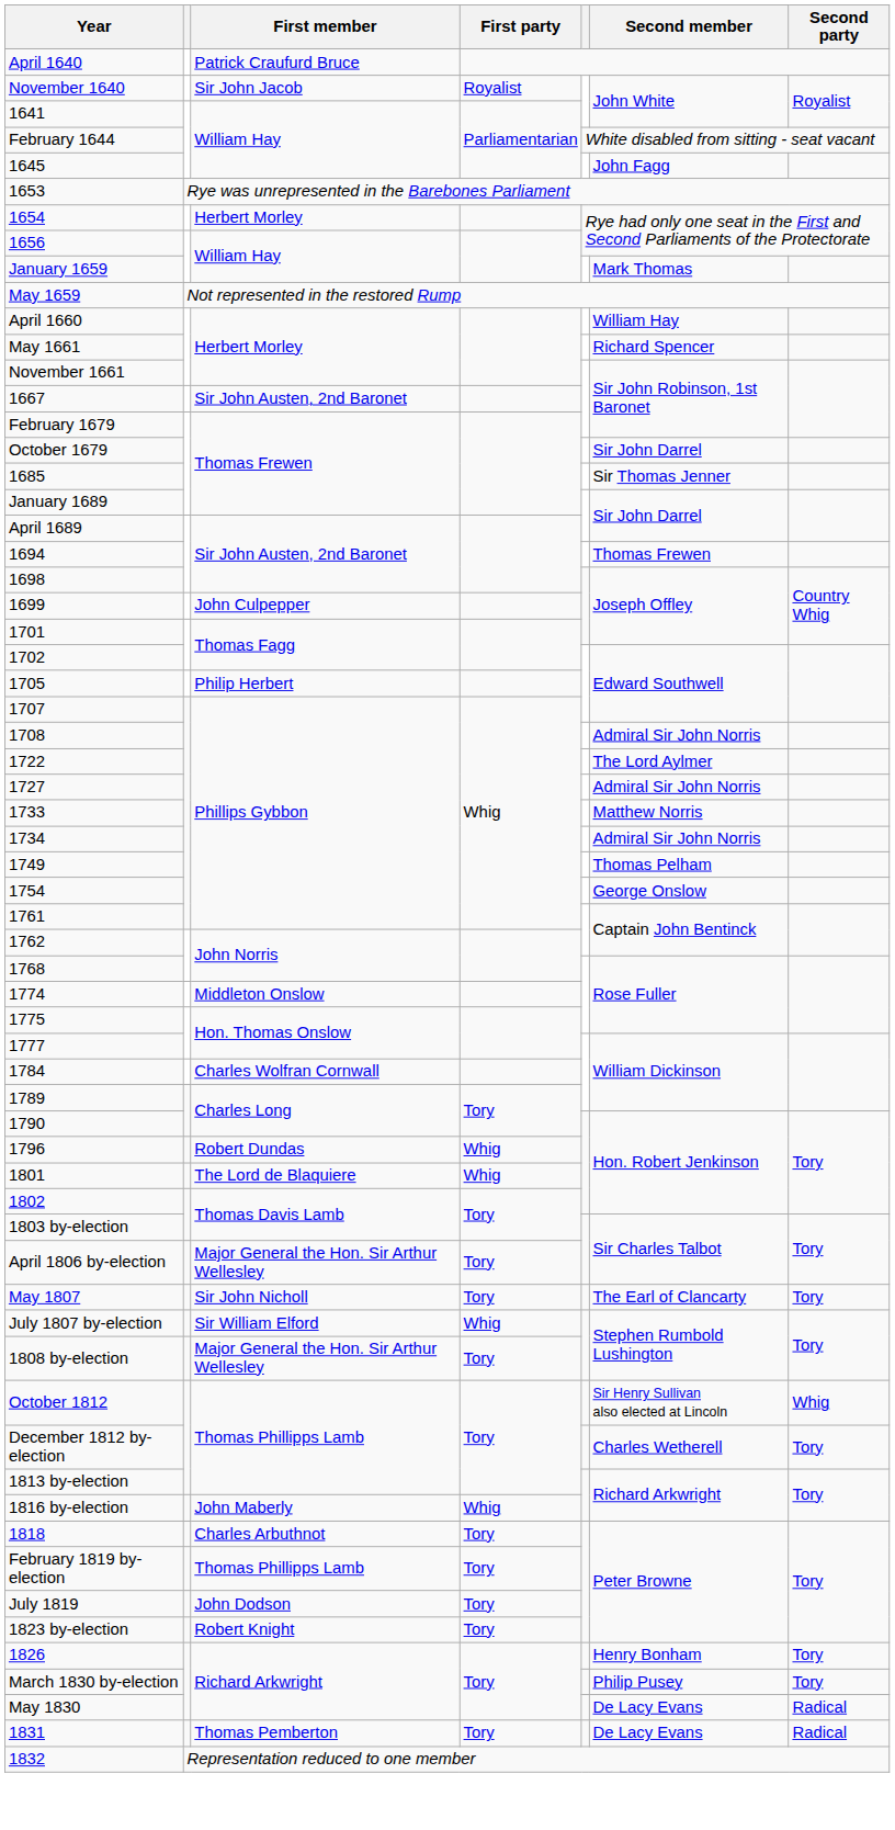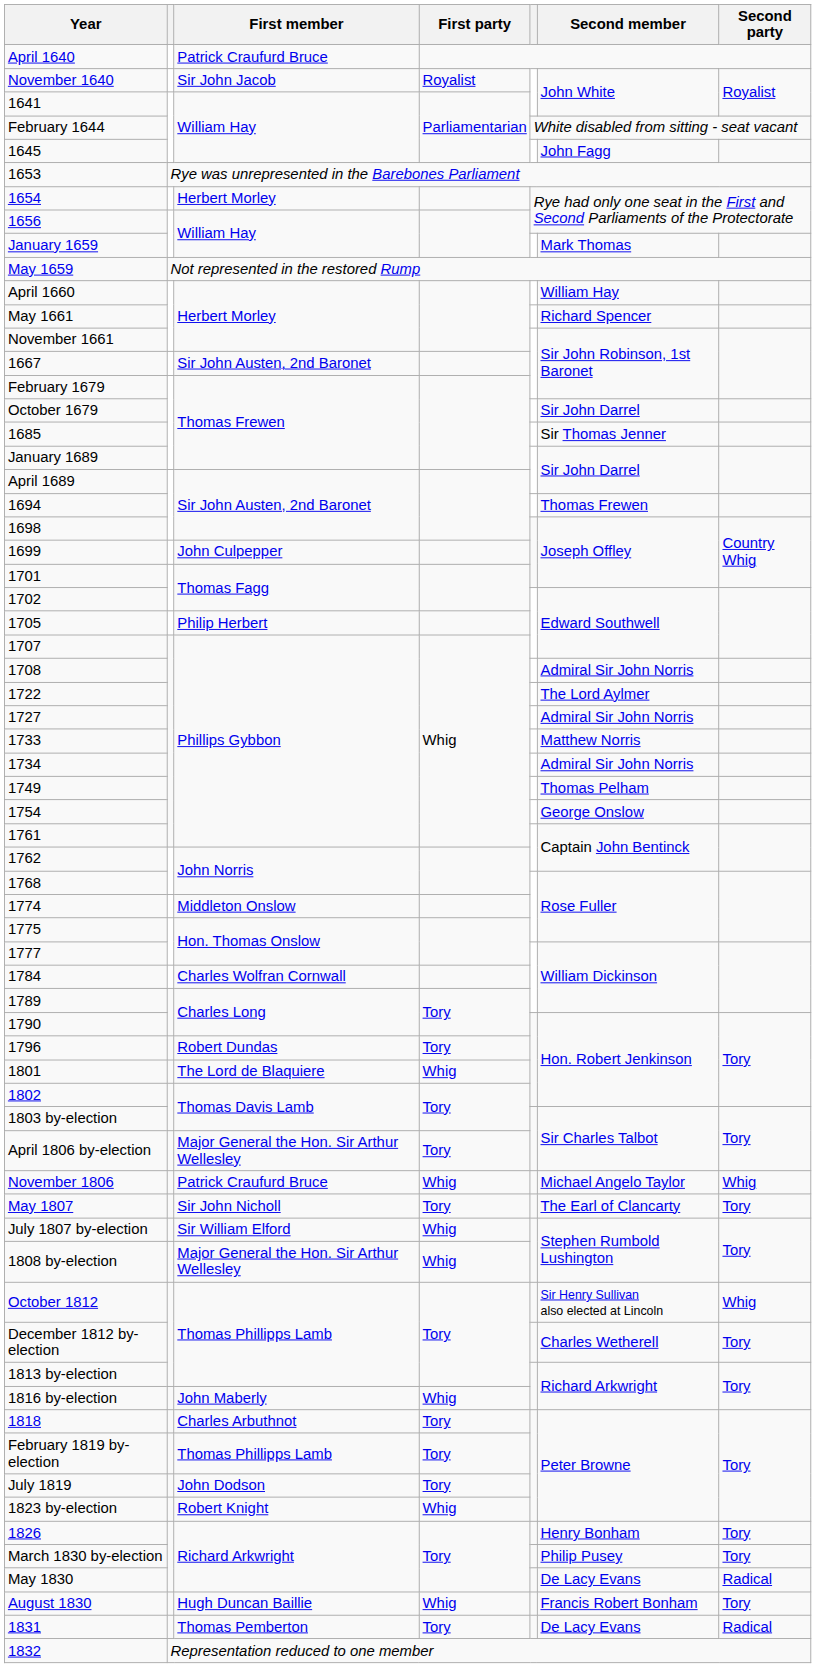 <table class="wikitable">
 <tr>
 <th>Year</th>
 <th></th>
 <th>First member</th>
 <th>First party</th>
 <th></th>
 <th>Second member</th>
 <th>Second party</th>
 </tr>
 <tr>
 <td><a href='#'>April 1640</a></td>
 <td style="color:inherit;background-color: white"></td>
 <td><a href='#'>Patrick Craufurd Bruce</a></td>
 </tr>
 <tr>
 <td><a href='#'>November 1640</a></td>
 <td style="color:inherit;background-color: white"></td>
 <td><a href='#'>Sir John Jacob</a></td>
 <td><a href='#'>Royalist</a></td>
 <td rowspan="2" style="color:inherit;background-color: white"></td>
 <td rowspan="2"><a href='#'>John White</a></td>
 <td rowspan="2"><a href='#'>Royalist</a></td>
 </tr>
 <tr>
 <td>1641</td>
 <td rowspan="3" style="color:inherit;background-color: white"></td>
 <td rowspan="3"><a href='#'>William Hay</a></td>
 <td rowspan="3"><a href='#'>Parliamentarian</a></td>
 </tr>
 <tr>
 <td>February 1644</td>
 <td colspan="3"><em>White disabled from sitting - seat vacant</em></td>
 </tr>
 <tr>
 <td>1645</td>
 <td style="color:inherit;background-color: white"></td>
 <td><a href='#'>John Fagg</a></td>
 <td></td>
 </tr>
 <tr>
 <td>1653</td>
 <td colspan="6"><em>Rye was unrepresented in the <a href='#'>Barebones Parliament</a></em></td>
 </tr>
 <tr>
 <td><a href='#'>1654</a></td>
 <td style="color:inherit;background-color: white"></td>
 <td><a href='#'>Herbert Morley</a></td>
 <td></td>
 <td rowspan="2" colspan="3"><em>Rye had only one seat in the <a href='#'>First</a>  and <br> <a href='#'>Second</a> Parliaments of the Protectorate</em></td>
 </tr>
 <tr>
 <td><a href='#'>1656</a></td>
 <td rowspan="2" style="color:inherit;background-color: white"></td>
 <td rowspan="2"><a href='#'>William Hay</a></td>
 <td rowspan="2"></td>
 </tr>
 <tr>
 <td><a href='#'>January 1659</a></td>
 <td style="color:inherit;background-color: white"></td>
 <td><a href='#'>Mark Thomas</a></td>
 <td></td>
 </tr>
 <tr>
 <td><a href='#'>May 1659</a></td>
 <td colspan="6"><em>Not represented in the restored <a href='#'>Rump</a></em></td>
 </tr>
 <tr>
 <td>April 1660</td>
 <td rowspan="3" style="color:inherit;background-color: white"></td>
 <td rowspan="3"><a href='#'>Herbert Morley</a></td>
 <td rowspan="3"></td>
 <td style="color:inherit;background-color: white"></td>
 <td><a href='#'>William Hay</a></td>
 <td></td>
 </tr>
 <tr>
 <td>May 1661</td>
 <td style="color:inherit;background-color: white"></td>
 <td><a href='#'>Richard Spencer</a></td>
 <td></td>
 </tr>
 <tr>
 <td>November 1661</td>
 <td rowspan="3" style="color:inherit;background-color: white"></td>
 <td rowspan="3"><a href='#'>Sir John Robinson, 1st Baronet</a></td>
 <td rowspan="3"></td>
 </tr>
 <tr>
 <td>1667</td>
 <td style="color:inherit;background-color: white"></td>
 <td><a href='#'>Sir John Austen, 2nd Baronet</a></td>
 <td></td>
 </tr>
 <tr>
 <td>February 1679</td>
 <td rowspan="4" style="color:inherit;background-color: white"></td>
 <td rowspan="4"><a href='#'>Thomas Frewen</a></td>
 <td rowspan="4"></td>
 </tr>
 <tr>
 <td>October 1679</td>
 <td style="color:inherit;background-color: white"></td>
 <td><a href='#'>Sir John Darrel</a></td>
 <td></td>
 </tr>
 <tr>
 <td>1685</td>
 <td style="color:inherit;background-color: white"></td>
 <td>Sir <a href='#'>Thomas Jenner</a></td>
 <td></td>
 </tr>
 <tr>
 <td>January 1689</td>
 <td rowspan="2" style="color:inherit;background-color: white"></td>
 <td rowspan="2"><a href='#'>Sir John Darrel</a></td>
 <td rowspan="2"></td>
 </tr>
 <tr>
 <td>April 1689</td>
 <td rowspan="3" style="color:inherit;background-color: white"></td>
 <td rowspan="3"><a href='#'>Sir John Austen, 2nd Baronet</a></td>
 <td rowspan="3"></td>
 </tr>
 <tr>
 <td>1694</td>
 <td style="color:inherit;background-color: white"></td>
 <td><a href='#'>Thomas Frewen</a></td>
 <td></td>
 </tr>
 <tr>
 <td>1698</td>
 <td rowspan="3" style="color:inherit;background-color: "></td>
 <td rowspan="3"><a href='#'>Joseph Offley</a></td>
 <td rowspan="3"><a href='#'>Country Whig</a></td>
 </tr>
 <tr>
 <td>1699</td>
 <td style="color:inherit;background-color: white"></td>
 <td><a href='#'>John Culpepper</a></td>
 <td></td>
 </tr>
 <tr>
 <td>1701</td>
 <td rowspan="2" style="color:inherit;background-color: white"></td>
 <td rowspan="2"><a href='#'>Thomas Fagg</a></td>
 <td rowspan="2"></td>
 </tr>
 <tr>
 <td>1702</td>
 <td rowspan="3" style="color:inherit;background-color: white"></td>
 <td rowspan="3"><a href='#'>Edward Southwell</a></td>
 <td rowspan="3"></td>
 </tr>
 <tr>
 <td>1705</td>
 <td style="color:inherit;background-color: white"></td>
 <td><a href='#'>Philip Herbert</a></td>
 <td></td>
 </tr>
 <tr>
 <td>1707</td>
 <td rowspan="9" style="color:inherit;background-color: "></td>
 <td rowspan="9"><a href='#'>Phillips Gybbon</a></td>
 <td rowspan="9">Whig</td>
 </tr>
 <tr>
 <td>1708</td>
 <td style="color:inherit;background-color: white"></td>
 <td><a href='#'>Admiral Sir John Norris</a></td>
 <td></td>
 </tr>
 <tr>
 <td>1722</td>
 <td style="color:inherit;background-color: white"></td>
 <td><a href='#'>The Lord Aylmer</a></td>
 <td></td>
 </tr>
 <tr>
 <td>1727</td>
 <td style="color:inherit;background-color: white"></td>
 <td><a href='#'>Admiral Sir John Norris</a></td>
 <td></td>
 </tr>
 <tr>
 <td>1733</td>
 <td style="color:inherit;background-color: white"></td>
 <td><a href='#'>Matthew Norris</a></td>
 <td></td>
 </tr>
 <tr>
 <td>1734</td>
 <td style="color:inherit;background-color: white"></td>
 <td><a href='#'>Admiral Sir John Norris</a></td>
 <td></td>
 </tr>
 <tr>
 <td>1749</td>
 <td style="color:inherit;background-color: white"></td>
 <td><a href='#'>Thomas Pelham</a></td>
 <td></td>
 </tr>
 <tr>
 <td>1754</td>
 <td style="color:inherit;background-color: white"></td>
 <td><a href='#'>George Onslow</a></td>
 <td></td>
 </tr>
 <tr>
 <td>1761</td>
 <td rowspan="2" style="color:inherit;background-color: white"></td>
 <td rowspan="2">Captain <a href='#'>John Bentinck</a></td>
 <td rowspan="2"></td>
 </tr>
 <tr>
 <td>1762</td>
 <td rowspan="2" style="color:inherit;background-color: white"></td>
 <td rowspan="2"><a href='#'>John Norris</a></td>
 <td rowspan="2"></td>
 </tr>
 <tr>
 <td>1768</td>
 <td rowspan="3" style="color:inherit;background-color: white"></td>
 <td rowspan="3"><a href='#'>Rose Fuller</a></td>
 <td rowspan="3"></td>
 </tr>
 <tr>
 <td>1774</td>
 <td style="color:inherit;background-color: white"></td>
 <td><a href='#'>Middleton Onslow</a></td>
 <td></td>
 </tr>
 <tr>
 <td>1775</td>
 <td rowspan="2" style="color:inherit;background-color: white"></td>
 <td rowspan="2"><a href='#'>Hon. Thomas Onslow</a></td>
 <td rowspan="2"></td>
 </tr>
 <tr>
 <td>1777</td>
 <td rowspan="3" style="color:inherit;background-color: white"></td>
 <td rowspan="3"><a href='#'>William Dickinson</a></td>
 <td rowspan="3"></td>
 </tr>
 <tr>
 <td>1784</td>
 <td style="color:inherit;background-color: white"></td>
 <td><a href='#'>Charles Wolfran Cornwall</a></td>
 <td></td>
 </tr>
 <tr>
 <td>1789</td>
 <td rowspan="2" style="color:inherit;background-color: "></td>
 <td rowspan="2"><a href='#'>Charles Long</a></td>
 <td rowspan="2"><a href='#'>Tory</a></td>
 </tr>
 <tr>
 <td>1790</td>
 <td rowspan="4" style="color:inherit;background-color: "></td>
 <td rowspan="4"><a href='#'>Hon. Robert Jenkinson</a></td>
 <td rowspan="4"><a href='#'>Tory</a></td>
 </tr>
 <tr>
 <td>1796</td>
 <td style="color:inherit;background-color: "></td>
 <td><a href='#'>Robert Dundas</a></td>
-<td><a href='#'>Whig</a></td>
+<td><a href='#'>Tory</a></td>
 </tr>
 <tr>
 <td>1801</td>
 <td style="color:inherit;background-color: "></td>
 <td><a href='#'>The Lord de Blaquiere</a></td>
 <td><a href='#'>Whig</a></td>
 </tr>
 <tr>
 <td><a href='#'>1802</a></td>
 <td rowspan="2" style="color:inherit;background-color: "></td>
 <td rowspan="2"><a href='#'>Thomas Davis Lamb</a></td>
 <td rowspan="2"><a href='#'>Tory</a></td>
 </tr>
 <tr>
 <td>1803 by-election</td>
 <td rowspan="2" style="color:inherit;background-color: "></td>
 <td rowspan="2"><a href='#'>Sir Charles Talbot</a></td>
 <td rowspan="2"><a href='#'>Tory</a></td>
 </tr>
 <tr>
 <td>April 1806 by-election</td>
 <td style="color:inherit;background-color: "></td>
 <td><a href='#'>Major General the Hon. Sir Arthur Wellesley</a></td>
 <td><a href='#'>Tory</a></td>
 </tr>
 <tr>
+<td><a href='#'>November 1806</a></td>
+<td style="color:inherit;background-color: "></td>
+<td><a href='#'>Patrick Craufurd Bruce</a></td>
+<td><a href='#'>Whig</a></td>
+<td style="color:inherit;background-color: "></td>
+<td><a href='#'>Michael Angelo Taylor</a></td>
+<td><a href='#'>Whig</a></td>
+</tr>
+<tr>
 <td><a href='#'>May 1807</a></td>
 <td style="color:inherit;background-color: "></td>
 <td><a href='#'>Sir John Nicholl</a></td>
 <td><a href='#'>Tory</a></td>
 <td style="color:inherit;background-color: "></td>
 <td><a href='#'>The Earl of Clancarty</a></td>
 <td><a href='#'>Tory</a></td>
 </tr>
 <tr>
 <td>July 1807 by-election</td>
 <td style="color:inherit;background-color: "></td>
 <td><a href='#'>Sir William Elford</a></td>
 <td><a href='#'>Whig</a></td>
 <td rowspan="2" style="color:inherit;background-color: "></td>
 <td rowspan="2"><a href='#'>Stephen Rumbold Lushington</a></td>
 <td rowspan="2"><a href='#'>Tory</a></td>
 </tr>
 <tr>
 <td>1808 by-election</td>
 <td style="color:inherit;background-color: "></td>
 <td><a href='#'>Major General the Hon. Sir Arthur Wellesley</a></td>
-<td><a href='#'>Tory</a></td>
+<td><a href='#'>Whig</a></td>
 </tr>
 <tr>
 <td><a href='#'>October 1812</a></td>
 <td rowspan="3" style="color:inherit;background-color: "></td>
 <td rowspan="3"><a href='#'>Thomas Phillipps Lamb</a></td>
 <td rowspan="3"><a href='#'>Tory</a></td>
 <td style="color:inherit;background-color: "></td>
 <td><small><a href='#'>Sir Henry Sullivan</a><br>also elected at Lincoln</small></td>
 <td><a href='#'>Whig</a></td>
 </tr>
 <tr>
 <td>December 1812 by-election</td>
 <td style="color:inherit;background-color: "></td>
 <td><a href='#'>Charles Wetherell</a></td>
 <td><a href='#'>Tory</a></td>
 </tr>
 <tr>
 <td>1813 by-election</td>
 <td rowspan="2" style="color:inherit;background-color: "></td>
 <td rowspan="2"><a href='#'>Richard Arkwright</a></td>
 <td rowspan="2"><a href='#'>Tory</a></td>
 </tr>
 <tr>
 <td>1816 by-election</td>
 <td style="color:inherit;background-color: "></td>
 <td><a href='#'>John Maberly</a></td>
 <td><a href='#'>Whig</a></td>
 </tr>
 <tr>
 <td><a href='#'>1818</a></td>
 <td style="color:inherit;background-color: "></td>
 <td><a href='#'>Charles Arbuthnot</a></td>
 <td><a href='#'>Tory</a></td>
 <td rowspan="4" style="color:inherit;background-color: "></td>
 <td rowspan="4"><a href='#'>Peter Browne</a></td>
 <td rowspan="4"><a href='#'>Tory</a></td>
 </tr>
 <tr>
 <td>February 1819 by-election</td>
 <td style="color:inherit;background-color: "></td>
 <td><a href='#'>Thomas Phillipps Lamb</a></td>
 <td><a href='#'>Tory</a></td>
 </tr>
 <tr>
 <td>July 1819</td>
 <td style="color:inherit;background-color: "></td>
 <td><a href='#'>John Dodson</a></td>
 <td><a href='#'>Tory</a></td>
 </tr>
 <tr>
 <td>1823 by-election</td>
 <td style="color:inherit;background-color: "></td>
 <td><a href='#'>Robert Knight</a></td>
-<td><a href='#'>Tory</a></td>
+<td><a href='#'>Whig</a></td>
 </tr>
 <tr>
 <td><a href='#'>1826</a></td>
 <td rowspan="3" style="color:inherit;background-color: "></td>
 <td rowspan="3"><a href='#'>Richard Arkwright</a></td>
 <td rowspan="3"><a href='#'>Tory</a></td>
 <td style="color:inherit;background-color: "></td>
 <td><a href='#'>Henry Bonham</a></td>
 <td><a href='#'>Tory</a></td>
 </tr>
 <tr>
 <td>March 1830 by-election</td>
 <td style="color:inherit;background-color: "></td>
 <td><a href='#'>Philip Pusey</a></td>
 <td><a href='#'>Tory</a></td>
 </tr>
 <tr>
 <td>May 1830</td>
 <td style="color:inherit;background-color: "></td>
 <td><a href='#'>De Lacy Evans</a></td>
 <td><a href='#'>Radical</a></td>
 </tr>
 <tr>
+<td><a href='#'>August 1830</a></td>
+<td style="color:inherit;background-color: "></td>
+<td><a href='#'>Hugh Duncan Baillie</a></td>
+<td><a href='#'>Whig</a></td>
+<td style="color:inherit;background-color: "></td>
+<td><a href='#'>Francis Robert Bonham</a></td>
+<td><a href='#'>Tory</a></td>
+</tr>
+<tr>
 <td><a href='#'>1831</a></td>
 <td style="color:inherit;background-color: "></td>
 <td><a href='#'>Thomas Pemberton</a></td>
 <td><a href='#'>Tory</a></td>
 <td style="color:inherit;background-color: "></td>
 <td><a href='#'>De Lacy Evans</a></td>
 <td><a href='#'>Radical</a></td>
 </tr>
 <tr>
 <td><a href='#'>1832</a></td>
 <td colspan="6"><em>Representation reduced to one member</em></td>
 </tr>
 </table>
